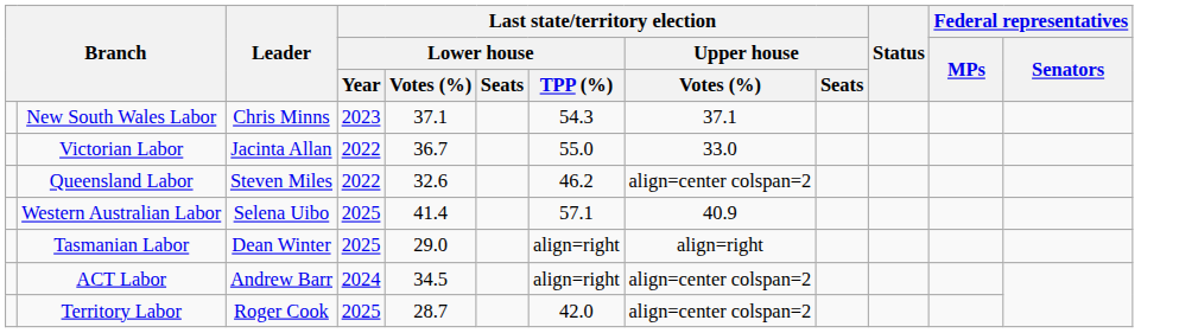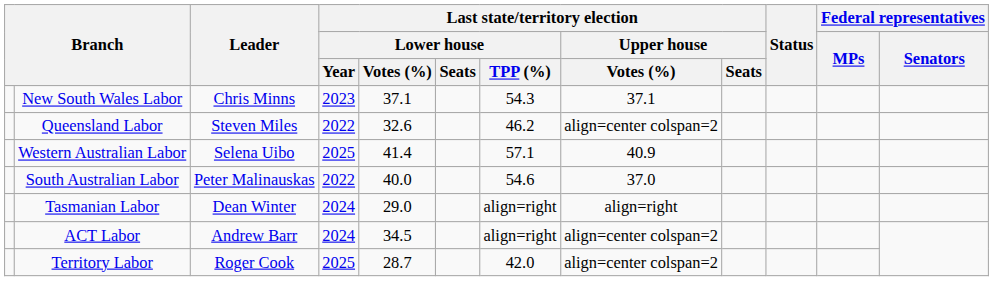 <table class="wikitable" style="font-size:95%; text-align: center;">
 <tr>
 <th colspan=2 rowspan=3>Branch</th>
 <th rowspan=3>Leader</th>
 <th colspan=6>Last state/territory election</th>
 <th rowspan=3>Status</th>
 <th colspan="2"><a href='#'>Federal representatives</a></th>
 </tr>
 <tr>
 <th colspan=4>Lower house</th>
 <th colspan=2>Upper house</th>
 <th rowspan="2"><a href='#'>MPs</a></th>
 <th rowspan="2"><a href='#'>Senators</a></th>
 </tr>
 <tr>
 <th>Year</th>
 <th>Votes (%)</th>
 <th>Seats</th>
 <th><a href='#'>TPP</a> (%)</th>
 <th>Votes (%)</th>
 <th>Seats</th>
 </tr>
 <tr>
 <td style="width:2px;background:"></td>
 <td><a href='#'>New South Wales Labor</a></td>
 <td><a href='#'>Chris Minns</a> <br> </td>
 <td><a href='#'>2023</a></td>
 <td>37.1</td>
 <td></td>
 <td>54.3</td>
 <td>37.1</td>
 <td></td>
 <td></td>
 <td></td>
 <td></td>
 </tr>
 <tr>
 <td style="width:2px;background:"></td>
-<td><a href='#'>Victorian Labor</a></td>
-<td><a href='#'>Jacinta Allan</a> <br> </td>
-<td><a href='#'>2022</a></td>
-<td>36.7</td>
-<td></td>
-<td>55.0</td>
-<td>33.0</td>
-<td></td>
-<td></td>
-<td></td>
-<td></td>
-</tr>
-<tr>
-<td style="width:2px;background:"></td>
 <td><a href='#'>Queensland Labor</a></td>
 <td><a href='#'>Steven Miles</a> <br> </td>
 <td><a href='#'>2022</a></td>
 <td>32.6</td>
 <td></td>
 <td>46.2</td>
 <td>align=center colspan=2 </td>
 <td></td>
 <td></td>
 <td></td>
 </tr>
 <tr>
 <td style="width:2px;background:"></td>
 <td><a href='#'>Western Australian Labor</a></td>
 <td><a href='#'>Selena Uibo</a> <br> </td>
 <td><a href='#'>2025</a></td>
 <td>41.4</td>
 <td></td>
 <td>57.1</td>
 <td>40.9</td>
 <td></td>
 <td></td>
 <td></td>
 <td></td>
 </tr>
 <tr>
 <td style="width:2px;background:"></td>
+<td><a href='#'>South Australian Labor</a></td>
+<td><a href='#'>Peter Malinauskas</a> <br> </td>
+<td><a href='#'>2022</a></td>
+<td>40.0</td>
+<td></td>
+<td>54.6</td>
+<td>37.0</td>
+<td></td>
+<td></td>
+<td></td>
+<td></td>
+</tr>
+<tr>
+<td style="width:2px;background:"></td>
 <td><a href='#'>Tasmanian Labor</a></td>
 <td><a href='#'>Dean Winter</a> <br> </td>
-<td><a href='#'>2025</a></td>
+<td><a href='#'>2024</a></td>
 <td>29.0</td>
 <td></td>
 <td>align=right </td>
 <td>align=right </td>
 <td></td>
 <td></td>
 <td></td>
 <td></td>
 </tr>
 <tr>
 <td style="width:2px;background:"></td>
 <td><a href='#'>ACT Labor</a></td>
 <td><a href='#'>Andrew Barr</a></td>
 <td><a href='#'>2024</a></td>
 <td>34.5</td>
 <td></td>
 <td>align=right </td>
 <td>align=center colspan=2 </td>
 <td></td>
 <td></td>
 <td></td>
 </tr>
 <tr>
 <td style="width:2px;background:"></td>
 <td><a href='#'>Territory Labor</a></td>
 <td><a href='#'>Roger Cook</a> <br> </td>
 <td><a href='#'>2025</a></td>
 <td>28.7</td>
 <td></td>
 <td>42.0</td>
 <td>align=center colspan=2 </td>
 <td></td>
 <td></td>
 <td></td>
 </tr>
 </table>
